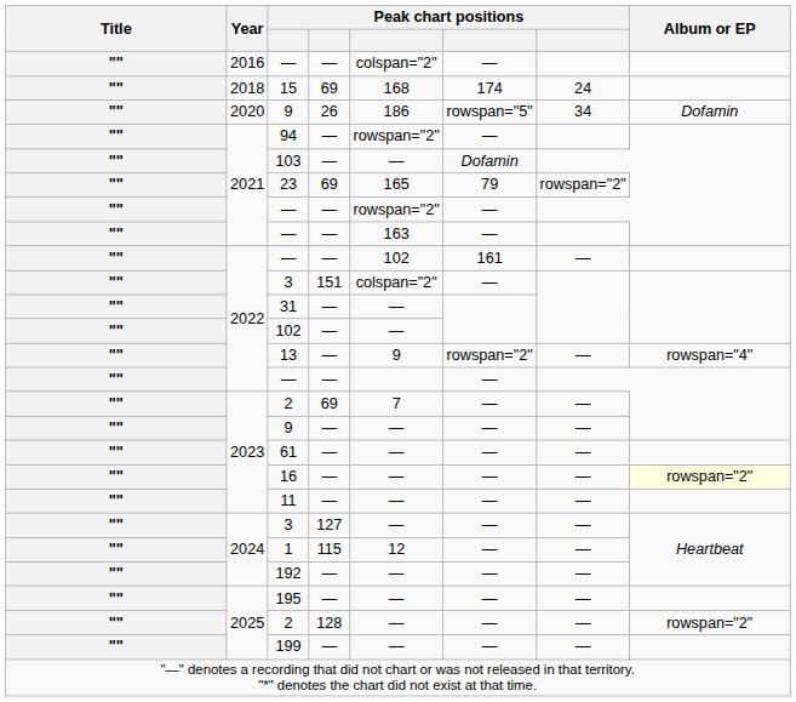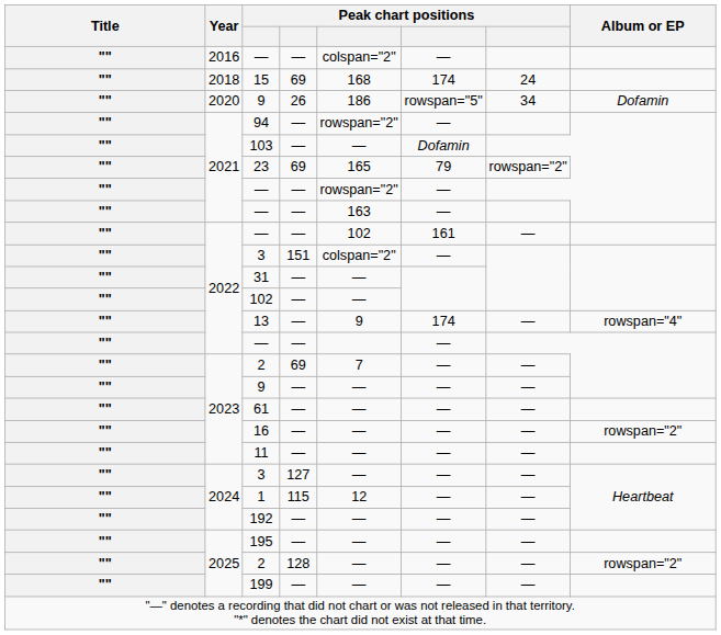 <table class="wikitable plainrowheaders" style="text-align:center;">
 <tr>
 <th scope="col" rowspan="2" style="width:14em;">Title</th>
 <th scope="col" rowspan="2" style="width:1em;">Year</th>
 <th colspan="5" scope="col">Peak chart positions</th>
 <th scope="col" rowspan="2" style="width:10em;">Album or EP</th>
 </tr>
 <tr>
 <th scope="col" style="width:2.5em;font-size:90%;"><a href='#'></a><br></th>
 <th scope="col" style="width:2.5em;font-size:90%;"><a href='#'></a><br></th>
 <th scope="col" style="width:2.5em;font-size:90%;"><a href='#'></a><br></th>
 <th scope="col" style="width:2.5em;font-size:90%;"><a href='#'></a><br></th>
 <th scope="col" style="width:2.5em;font-size:90%;"><a href='#'></a><br></th>
 </tr>
 <tr>
 <th scope="row">""<br></th>
 <td>2016</td>
 <td>—</td>
 <td>—</td>
 <td>colspan="2" </td>
 <td>—</td>
 <td></td>
 </tr>
 <tr>
 <th scope="row">""<br></th>
 <td>2018</td>
 <td>15</td>
 <td>69</td>
 <td>168</td>
 <td>174</td>
 <td>24</td>
 <td></td>
 </tr>
 <tr>
 <th scope="row">""</th>
 <td>2020</td>
 <td>9</td>
 <td>26</td>
 <td>186</td>
 <td>rowspan="5" </td>
 <td>34</td>
 <td><em>Dofamin</em></td>
 </tr>
 <tr>
 <th scope="row">"" </th>
 <td rowspan="5">2021</td>
 <td>94</td>
 <td>—</td>
 <td>rowspan="2" </td>
 <td>—</td>
 <td></td>
 </tr>
 <tr>
 <th scope="row">""</th>
 <td>103</td>
 <td>—</td>
 <td>—</td>
 <td><em>Dofamin</em></td>
 </tr>
 <tr>
 <th scope="row">""</th>
 <td>23</td>
 <td>69</td>
 <td>165</td>
 <td>79</td>
 <td>rowspan="2" </td>
 </tr>
 <tr>
 <th scope="row">""<br></th>
 <td>—</td>
 <td>—</td>
 <td>rowspan="2" </td>
 <td>—</td>
 </tr>
 <tr>
 <th scope="row">""</th>
 <td>—</td>
 <td>—</td>
 <td>163</td>
 <td>—</td>
 <td></td>
 </tr>
 <tr>
 <th scope="row">""</th>
 <td rowspan="6">2022</td>
 <td>—</td>
 <td>—</td>
 <td>102</td>
 <td>161</td>
 <td>—</td>
 <td></td>
 </tr>
 <tr>
 <th scope="row">""<br></th>
 <td>3</td>
 <td>151</td>
 <td>colspan="2" </td>
 <td>—</td>
 <td rowspan="3"><em></em></td>
 </tr>
 <tr>
 <th scope="row">""</th>
 <td>31</td>
 <td>—</td>
 <td>—</td>
 </tr>
 <tr>
 <th scope="row">""</th>
 <td>102</td>
 <td>—</td>
 <td>—</td>
 </tr>
 <tr>
 <th scope="row">""</th>
 <td>13</td>
 <td>—</td>
 <td>9</td>
-<td>rowspan="2" </td>
+<td>174</td>
 <td>—</td>
 <td>rowspan="4" </td>
 </tr>
 <tr>
 <th scope="row">""<br></th>
 <td>—</td>
 <td>—</td>
 <td></td>
 <td>—</td>
 </tr>
 <tr>
 <th scope="row">""</th>
 <td rowspan="5">2023</td>
 <td>2</td>
 <td>69</td>
 <td>7</td>
 <td>—</td>
 <td>—</td>
 </tr>
 <tr>
 <th scope="row">""</th>
 <td>9</td>
 <td>—</td>
 <td>—</td>
 <td>—</td>
 <td>—</td>
 </tr>
 <tr>
 <th scope="row">""<br></th>
 <td>61</td>
 <td>—</td>
 <td>—</td>
 <td>—</td>
 <td>—</td>
 <td></td>
 </tr>
 <tr>
 <th scope="row">""</th>
 <td>16</td>
 <td>—</td>
 <td>—</td>
 <td>—</td>
 <td>—</td>
-<td style="background: lightyellow;">rowspan="2" </td>
+<td>rowspan="2" </td>
 </tr>
 <tr>
 <th scope="row">""</th>
 <td>11</td>
 <td>—</td>
 <td>—</td>
 <td>—</td>
 <td>—</td>
 </tr>
 <tr>
 <th scope="row">""<br></th>
 <td rowspan="3">2024</td>
 <td>3</td>
 <td>127</td>
 <td>—</td>
 <td>—</td>
 <td>—</td>
 <td rowspan="3"><em>Heartbeat</em></td>
 </tr>
 <tr>
 <th scope="row">""</th>
 <td>1</td>
 <td>115</td>
 <td>12</td>
 <td>—</td>
 <td>—</td>
 </tr>
 <tr>
 <th scope="row">""</th>
 <td>192</td>
 <td>—</td>
 <td>—</td>
 <td>—</td>
 <td>—</td>
 </tr>
 <tr>
 <th scope="row">""</th>
 <td rowspan="3">2025</td>
 <td>195</td>
 <td>—</td>
 <td>—</td>
 <td>—</td>
 <td>—</td>
 <td><br></td>
 </tr>
 <tr>
 <th scope="row">""</th>
 <td>2</td>
 <td>128</td>
 <td>—</td>
 <td>—</td>
 <td>—</td>
 <td>rowspan="2" </td>
 </tr>
 <tr>
 <th scope="row">""</th>
 <td>199</td>
 <td>—</td>
 <td>—</td>
 <td>—</td>
 <td>—</td>
 </tr>
 <tr>
 <td colspan="8" style="font-size:90%">"—" denotes a recording that did not chart or was not released in that territory.<br>"*" denotes the chart did not exist at that time.</td>
 </tr>
 </table>
